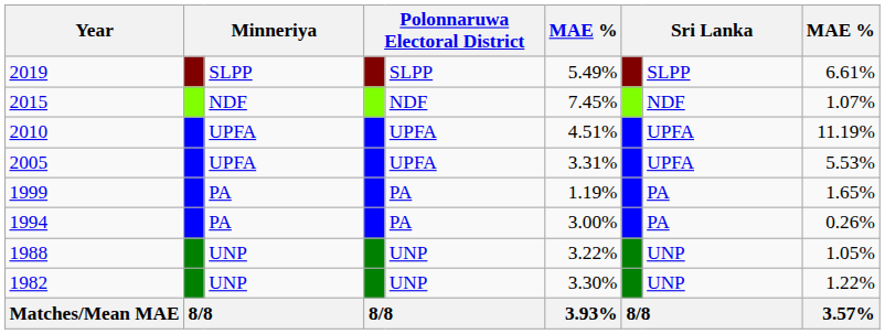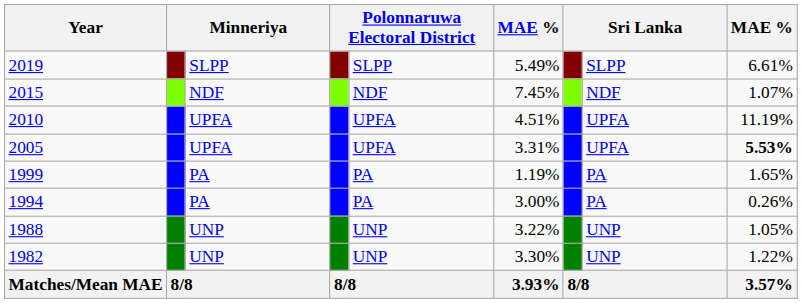 <table class="wikitable">
 <tr>
 <th>Year</th>
 <th colspan="2" width="144px">Minneriya</th>
 <th colspan="2" width="144px"><a href='#'>Polonnaruwa Electoral District</a></th>
 <th><a href='#'>MAE</a> %</th>
 <th colspan="2" width="144px">Sri Lanka</th>
 <th>MAE %</th>
 </tr>
 <tr>
 <td><a href='#'>2019</a></td>
 <td style="background-color:maroon;" width="10px"></td>
 <td style="text-align:left;"><a href='#'>SLPP</a></td>
 <td style="background-color:maroon;" width="10px"></td>
 <td style="text-align:left;"><a href='#'>SLPP</a></td>
 <td style="text-align:right;">5.49%</td>
 <td style="background-color:maroon;" width="10px"></td>
 <td style="text-align:left;"><a href='#'>SLPP</a></td>
 <td style="text-align:right;">6.61%</td>
 </tr>
 <tr>
 <td><a href='#'>2015</a></td>
 <td style="background-color:chartreuse;" width="10px"></td>
 <td style="text-align:left;"><a href='#'>NDF</a></td>
 <td style="background-color:chartreuse;" width="10px"></td>
 <td style="text-align:left;"><a href='#'>NDF</a></td>
 <td style="text-align:right;">7.45%</td>
 <td style="background-color:chartreuse;" width="10px"></td>
 <td style="text-align:left;"><a href='#'>NDF</a></td>
 <td style="text-align:right;">1.07%</td>
 </tr>
 <tr>
 <td><a href='#'>2010</a></td>
 <td style="background-color:blue;" width="10px"></td>
 <td style="text-align:left;"><a href='#'>UPFA</a></td>
 <td style="background-color:blue;" width="10px"></td>
 <td style="text-align:left;"><a href='#'>UPFA</a></td>
 <td style="text-align:right;">4.51%</td>
 <td style="background-color:blue;" width="10px"></td>
 <td style="text-align:left;"><a href='#'>UPFA</a></td>
 <td style="text-align:right;">11.19%</td>
 </tr>
 <tr>
 <td><a href='#'>2005</a></td>
 <td style="background-color:blue;" width="10px"></td>
 <td style="text-align:left;"><a href='#'>UPFA</a></td>
 <td style="background-color:blue;" width="10px"></td>
 <td style="text-align:left;"><a href='#'>UPFA</a></td>
 <td style="text-align:right;">3.31%</td>
 <td style="background-color:blue;" width="10px"></td>
 <td style="text-align:left;"><a href='#'>UPFA</a></td>
-<td style="text-align:right;">5.53%</td>
+<td style="text-align:right;"><strong>5.53%</strong></td>
 </tr>
 <tr>
 <td><a href='#'>1999</a></td>
 <td style="background-color:blue;" width="10px"></td>
 <td style="text-align:left;"><a href='#'>PA</a></td>
 <td style="background-color:blue;" width="10px"></td>
 <td style="text-align:left;"><a href='#'>PA</a></td>
 <td style="text-align:right;">1.19%</td>
 <td style="background-color:blue;" width="10px"></td>
 <td style="text-align:left;"><a href='#'>PA</a></td>
 <td style="text-align:right;">1.65%</td>
 </tr>
 <tr>
 <td><a href='#'>1994</a></td>
 <td style="background-color:blue;" width="10px"></td>
 <td style="text-align:left;"><a href='#'>PA</a></td>
 <td style="background-color:blue;" width="10px"></td>
 <td style="text-align:left;"><a href='#'>PA</a></td>
 <td style="text-align:right;">3.00%</td>
 <td style="background-color:blue;" width="10px"></td>
 <td style="text-align:left;"><a href='#'>PA</a></td>
 <td style="text-align:right;">0.26%</td>
 </tr>
 <tr>
 <td><a href='#'>1988</a></td>
 <td style="background-color:green;" width="10px"></td>
 <td style="text-align:left;"><a href='#'>UNP</a></td>
 <td style="background-color:green;" width="10px"></td>
 <td style="text-align:left;"><a href='#'>UNP</a></td>
 <td style="text-align:right;">3.22%</td>
 <td style="background-color:green;" width="10px"></td>
 <td style="text-align:left;"><a href='#'>UNP</a></td>
 <td style="text-align:right;">1.05%</td>
 </tr>
 <tr>
 <td><a href='#'>1982</a></td>
 <td style="background-color:green;" width="10px"></td>
 <td style="text-align:left;"><a href='#'>UNP</a></td>
 <td style="background-color:green;" width="10px"></td>
 <td style="text-align:left;"><a href='#'>UNP</a></td>
 <td style="text-align:right;">3.30%</td>
 <td style="background-color:green;" width="10px"></td>
 <td style="text-align:left;"><a href='#'>UNP</a></td>
 <td style="text-align:right;">1.22%</td>
 </tr>
 <tr>
 <th>Matches/Mean MAE</th>
 <th style="text-align:left;"colspan="2" width="144px">8/8</th>
 <th style="text-align:left;"colspan="2" width="144px">8/8</th>
 <th style="text-align:right;">3.93%</th>
 <th style="text-align:left;"colspan="2" width="144px">8/8</th>
 <th style="text-align:right;">3.57%</th>
 </tr>
 </table>
